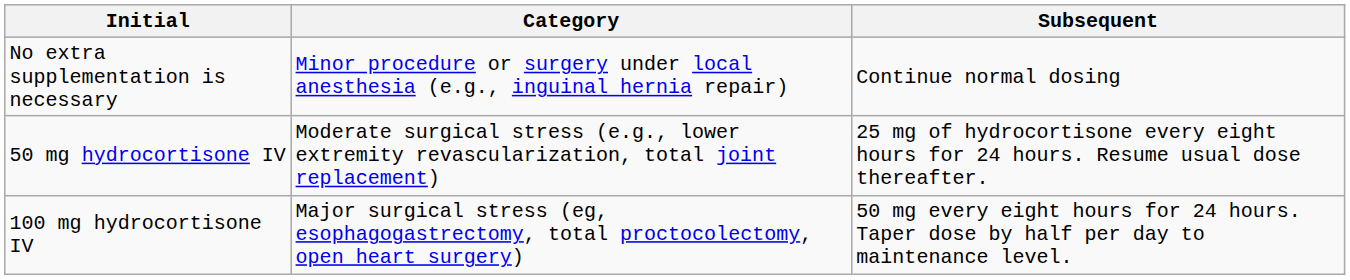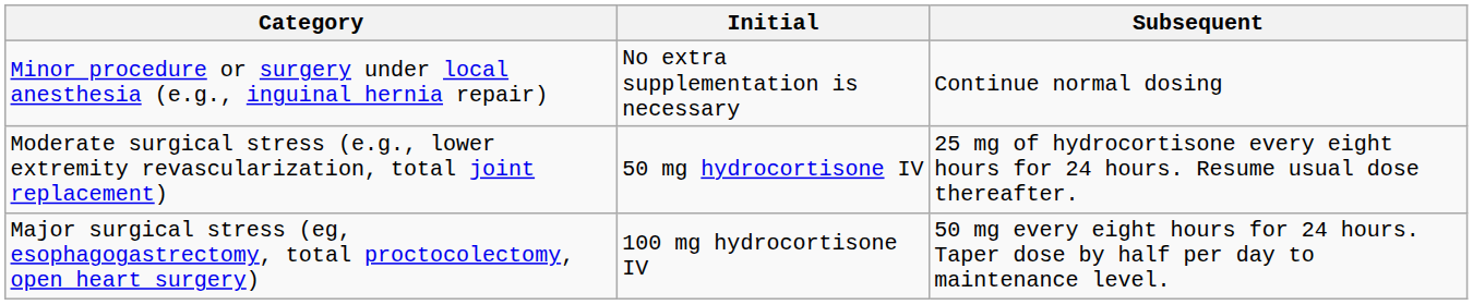 <table class="wikitable">
 <tr>
+<th>Category</th>
 <th>Initial</th>
-<th>Category</th>
 <th>Subsequent</th>
 </tr>
 <tr>
+<td><a href='#'>Minor procedure</a> or <a href='#'>surgery</a> under <a href='#'>local anesthesia</a> (e.g., <a href='#'>inguinal hernia</a> repair)</td>
 <td>No extra supplementation is necessary</td>
-<td><a href='#'>Minor procedure</a> or <a href='#'>surgery</a> under <a href='#'>local anesthesia</a> (e.g., <a href='#'>inguinal hernia</a> repair)</td>
 <td>Continue normal dosing</td>
 </tr>
 <tr>
+<td>Moderate surgical stress (e.g., lower extremity revascularization, total <a href='#'>joint replacement</a>)</td>
 <td>50 mg <a href='#'>hydrocortisone</a> IV</td>
-<td>Moderate surgical stress (e.g., lower extremity revascularization, total <a href='#'>joint replacement</a>)</td>
 <td>25 mg of hydrocortisone every eight hours for 24 hours. Resume usual dose thereafter.</td>
 </tr>
 <tr>
+<td>Major surgical stress (eg, <a href='#'>esophagogastrectomy</a>, total <a href='#'>proctocolectomy</a>, <a href='#'>open heart surgery</a>)</td>
 <td>100 mg hydrocortisone IV</td>
-<td>Major surgical stress (eg, <a href='#'>esophagogastrectomy</a>, total <a href='#'>proctocolectomy</a>, <a href='#'>open heart surgery</a>)</td>
 <td>50 mg every eight hours for 24 hours. Taper dose by half per day to maintenance level.</td>
 </tr>
 </table>
